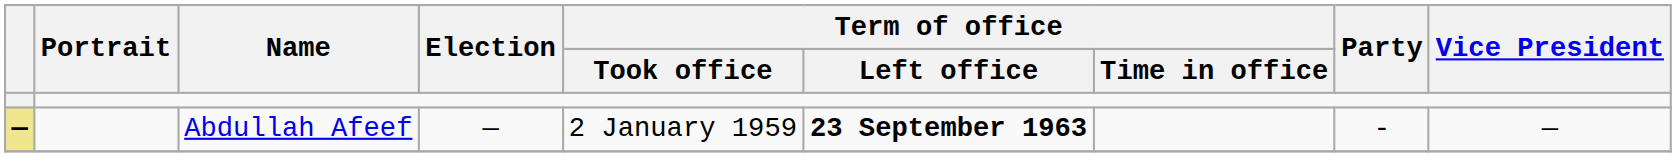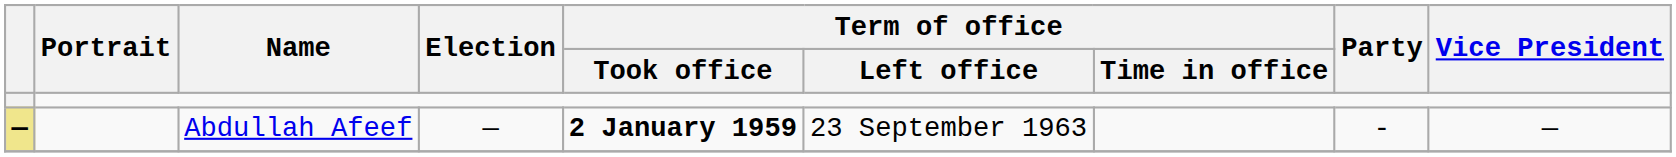 <table class="wikitable" style="text-align:center; font-size:100%;">
 <tr>
 <th rowspan="2"></th>
 <th rowspan="2">Portrait</th>
 <th rowspan="2">Name<br></th>
 <th rowspan="2">Election</th>
 <th colspan="3">Term of office</th>
 <th rowspan="2">Party</th>
 <th colspan="2" rowspan="2"><a href='#'>Vice President</a></th>
 </tr>
 <tr>
 <th>Took office</th>
 <th>Left office</th>
 <th>Time in office</th>
 </tr>
 <tr>
 <th></th>
 </tr>
 <tr>
 <th style="background:Khaki">—</th>
 <td></td>
 <td><a href='#'>Abdullah Afeef</a></td>
 <td>—</td>
-<td>2 January 1959</td>
-<td><strong>23 September 1963</strong></td>
+<td><strong>2 January 1959</strong></td>
+<td>23 September 1963</td>
 <td></td>
 <td>-</td>
 <td colspan="2">—</td>
 </tr>
 <tr>
 </tr>
 </table>
